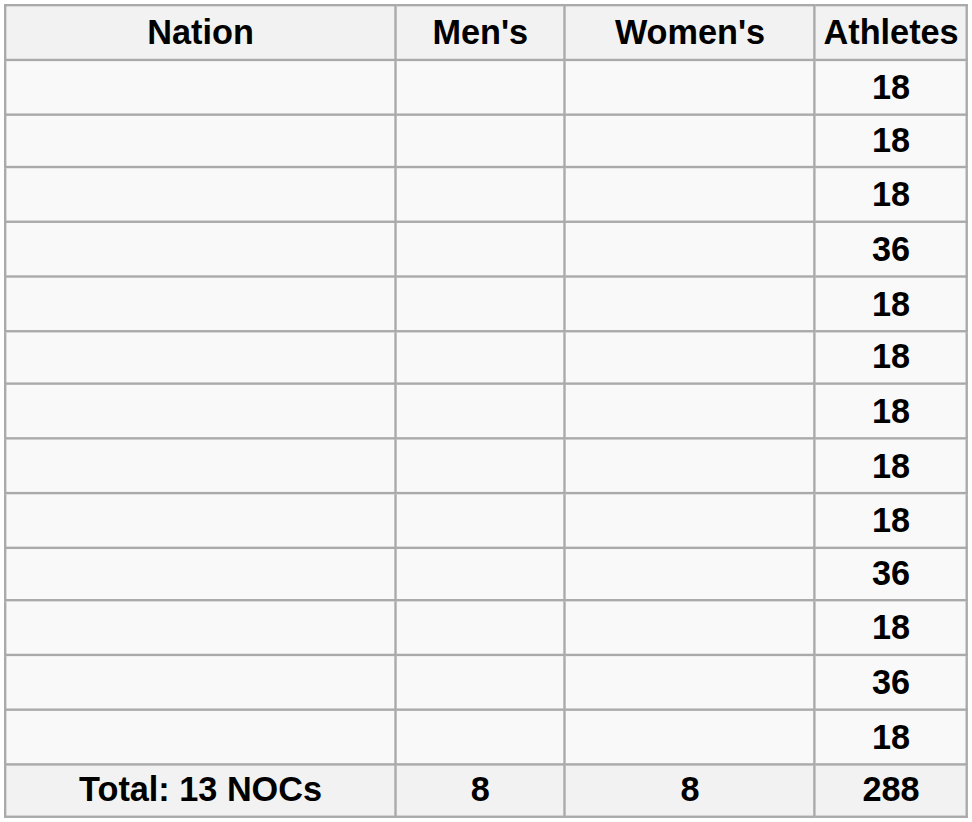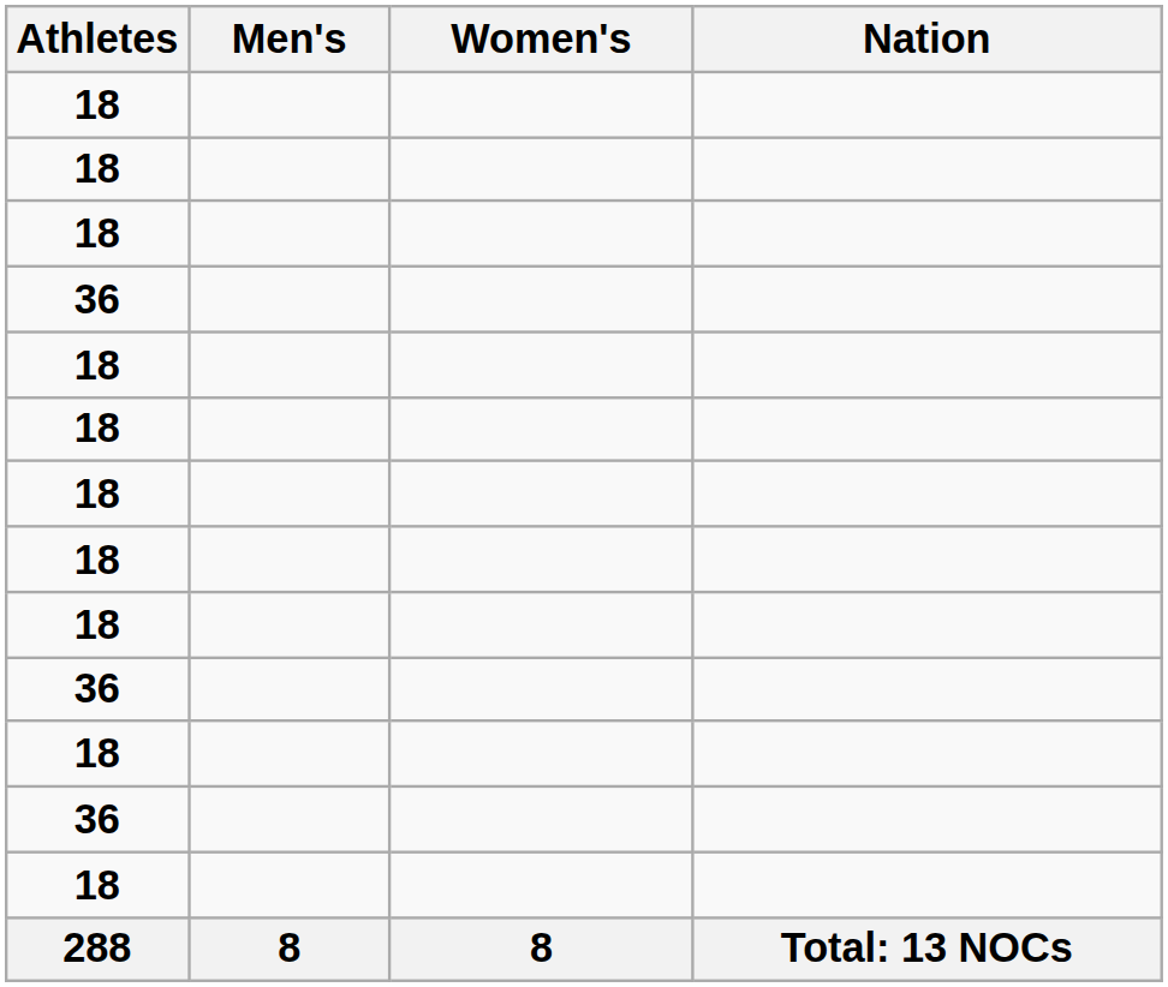 <table class="wikitable sortable" width=405 style="text-align:center; font-size:90%">
 <tr>
-<th>Nation</th>
+<th width=55>Athletes</th>
 <th>Men's</th>
 <th>Women's</th>
-<th width=55>Athletes</th>
+<th>Nation</th>
 </tr>
 <tr>
-<td style="text-align:left;"></td>
+<td><strong>18</strong></td>
 <td></td>
 <td></td>
-<td><strong>18</strong></td>
+<td style="text-align:left;"></td>
 </tr>
 <tr>
-<td style="text-align:left;"></td>
+<td><strong>18</strong></td>
 <td></td>
 <td></td>
-<td><strong>18</strong></td>
+<td style="text-align:left;"></td>
 </tr>
 <tr>
-<td style="text-align:left;"></td>
+<td><strong>18</strong></td>
 <td></td>
 <td></td>
-<td><strong>18</strong></td>
+<td style="text-align:left;"></td>
 </tr>
 <tr>
-<td style="text-align:left;"></td>
+<td><strong>36</strong></td>
 <td></td>
 <td></td>
-<td><strong>36</strong></td>
+<td style="text-align:left;"></td>
 </tr>
 <tr>
-<td style="text-align:left;"></td>
+<td><strong>18</strong></td>
 <td></td>
 <td></td>
-<td><strong>18</strong></td>
+<td style="text-align:left;"></td>
 </tr>
 <tr>
-<td style="text-align:left;"></td>
+<td><strong>18</strong></td>
 <td></td>
 <td></td>
-<td><strong>18</strong></td>
+<td style="text-align:left;"></td>
 </tr>
 <tr>
-<td style="text-align:left;"></td>
+<td><strong>18</strong></td>
 <td></td>
 <td></td>
-<td><strong>18</strong></td>
+<td style="text-align:left;"></td>
 </tr>
 <tr>
-<td style="text-align:left;"></td>
+<td><strong>18</strong></td>
 <td></td>
 <td></td>
-<td><strong>18</strong></td>
+<td style="text-align:left;"></td>
 </tr>
 <tr>
-<td style="text-align:left;"></td>
+<td><strong>18</strong></td>
 <td></td>
 <td></td>
-<td><strong>18</strong></td>
+<td style="text-align:left;"></td>
 </tr>
 <tr>
-<td style="text-align:left;"></td>
+<td><strong>36</strong></td>
 <td></td>
 <td></td>
-<td><strong>36</strong></td>
+<td style="text-align:left;"></td>
 </tr>
 <tr>
-<td style="text-align:left;"></td>
+<td><strong>18</strong></td>
 <td></td>
 <td></td>
-<td><strong>18</strong></td>
+<td style="text-align:left;"></td>
 </tr>
 <tr>
-<td style="text-align:left;"></td>
+<td><strong>36</strong></td>
 <td></td>
 <td></td>
-<td><strong>36</strong></td>
+<td style="text-align:left;"></td>
 </tr>
 <tr>
-<td style="text-align:left;"></td>
+<td><strong>18</strong></td>
 <td></td>
 <td></td>
-<td><strong>18</strong></td>
+<td style="text-align:left;"></td>
 </tr>
 <tr>
-<th>Total: 13 NOCs</th>
+<th>288</th>
 <th>8</th>
 <th>8</th>
-<th>288</th>
+<th>Total: 13 NOCs</th>
 </tr>
 </table>
